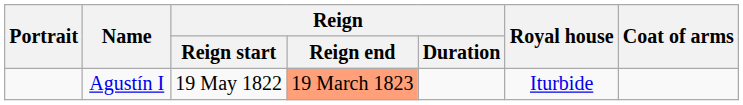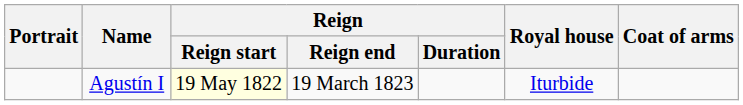 <table class="wikitable" style="text-align:center;">
 <tr>
 <th rowspan="2">Portrait</th>
 <th rowspan="2">Name<br></th>
 <th colspan="3">Reign</th>
 <th rowspan="2">Royal house</th>
 <th rowspan="2">Coat of arms</th>
 </tr>
 <tr>
 <th>Reign start</th>
 <th>Reign end</th>
 <th>Duration</th>
 </tr>
 <tr>
 <td></td>
 <td style="width:12%;"><a href='#'>Agustín I</a><br></td>
-<td>19 May 1822</td>
-<td style="background: lightsalmon;">19 March 1823</td>
+<td style="background: lightyellow;">19 May 1822</td>
+<td>19 March 1823</td>
 <td></td>
 <td><a href='#'>Iturbide</a></td>
 <td></td>
 </tr>
 </table>
